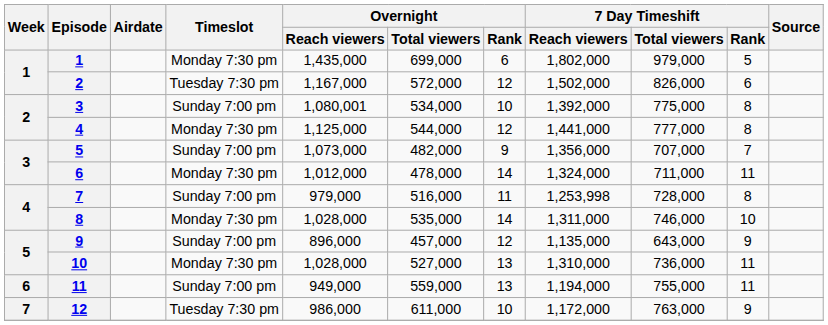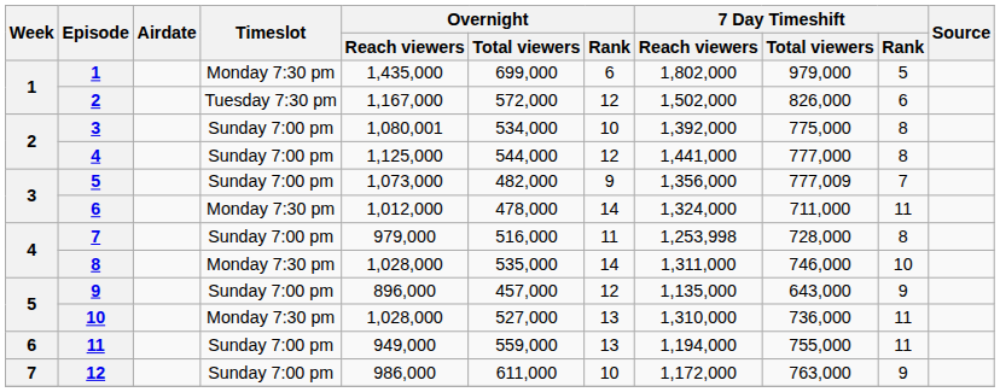 <table class="wikitable nowrap" style="text-align:center; font-size:90%; line-height:16px;">
 <tr>
 <th rowspan=2>Week</th>
 <th rowspan=2>Episode</th>
 <th rowspan=2 class="unsortable">Airdate</th>
 <th rowspan=2 class="unsortable">Timeslot</th>
 <th colspan=3>Overnight</th>
 <th colspan=3>7 Day Timeshift</th>
 <th rowspan=2>Source</th>
 </tr>
 <tr>
 <th>Reach viewers</th>
 <th>Total viewers</th>
 <th>Rank</th>
 <th>Reach viewers</th>
 <th>Total viewers</th>
 <th>Rank</th>
 </tr>
 <tr>
 <th rowspan="2">1</th>
 <th><a href='#'>1</a></th>
 <td style="text-align:left"></td>
 <td>Monday 7:30 pm</td>
 <td>1,435,000</td>
 <td>699,000</td>
 <td>6</td>
 <td>1,802,000</td>
 <td>979,000</td>
 <td>5</td>
 <td></td>
 </tr>
 <tr>
 <th><a href='#'>2</a></th>
 <td style="text-align:left"></td>
 <td>Tuesday 7:30 pm</td>
 <td>1,167,000</td>
 <td>572,000</td>
 <td>12</td>
 <td>1,502,000</td>
 <td>826,000</td>
 <td>6</td>
 <td></td>
 </tr>
 <tr>
 <th rowspan="2">2</th>
 <th><a href='#'>3</a></th>
 <td style="text-align:left"></td>
 <td>Sunday 7:00 pm</td>
 <td>1,080,001</td>
 <td>534,000</td>
 <td>10</td>
 <td>1,392,000</td>
 <td>775,000</td>
 <td>8</td>
 <td></td>
 </tr>
 <tr>
 <th><a href='#'>4</a></th>
 <td style="text-align:left"></td>
-<td>Monday 7:30 pm</td>
+<td>Sunday 7:00 pm</td>
 <td>1,125,000</td>
 <td>544,000</td>
 <td>12</td>
 <td>1,441,000</td>
 <td>777,000</td>
 <td>8</td>
 <td></td>
 </tr>
 <tr>
 <th rowspan="2">3</th>
 <th><a href='#'>5</a></th>
 <td style="text-align:left"></td>
 <td>Sunday 7:00 pm</td>
 <td>1,073,000</td>
 <td>482,000</td>
 <td>9</td>
 <td>1,356,000</td>
-<td>707,000</td>
+<td>777,009</td>
 <td>7</td>
 <td></td>
 </tr>
 <tr>
 <th><a href='#'>6</a></th>
 <td style="text-align:left"></td>
 <td>Monday 7:30 pm</td>
 <td>1,012,000</td>
 <td>478,000</td>
 <td>14</td>
 <td>1,324,000</td>
 <td>711,000</td>
 <td>11</td>
 <td></td>
 </tr>
 <tr>
 <th rowspan="2">4</th>
 <th><a href='#'>7</a></th>
 <td style="text-align:left"></td>
 <td>Sunday 7:00 pm</td>
 <td>979,000</td>
 <td>516,000</td>
 <td>11</td>
 <td>1,253,998</td>
 <td>728,000</td>
 <td>8</td>
 <td></td>
 </tr>
 <tr>
 <th><a href='#'>8</a></th>
 <td style="text-align:left"></td>
 <td>Monday 7:30 pm</td>
 <td>1,028,000</td>
 <td>535,000</td>
 <td>14</td>
 <td>1,311,000</td>
 <td>746,000</td>
 <td>10</td>
 <td></td>
 </tr>
 <tr>
 <th rowspan="2">5</th>
 <th><a href='#'>9</a></th>
 <td style="text-align:left"></td>
 <td>Sunday 7:00 pm</td>
 <td>896,000</td>
 <td>457,000</td>
 <td>12</td>
 <td>1,135,000</td>
 <td>643,000</td>
 <td>9</td>
 <td></td>
 </tr>
 <tr>
 <th><a href='#'>10</a></th>
 <td style="text-align:left"></td>
 <td>Monday 7:30 pm</td>
 <td>1,028,000</td>
 <td>527,000</td>
 <td>13</td>
 <td>1,310,000</td>
 <td>736,000</td>
 <td>11</td>
 <td></td>
 </tr>
 <tr>
 <th>6</th>
 <th><a href='#'>11</a></th>
 <td style="text-align:left"></td>
 <td>Sunday 7:00 pm</td>
 <td>949,000</td>
 <td>559,000</td>
 <td>13</td>
 <td>1,194,000</td>
 <td>755,000</td>
 <td>11</td>
 <td></td>
 </tr>
 <tr>
 <th>7</th>
 <th><a href='#'>12</a></th>
 <td style="text-align:left"></td>
-<td>Tuesday 7:30 pm</td>
+<td>Sunday 7:00 pm</td>
 <td>986,000</td>
 <td>611,000</td>
 <td>10</td>
 <td>1,172,000</td>
 <td>763,000</td>
 <td>9</td>
 <td></td>
 </tr>
 <tr>
 </tr>
 </table>
